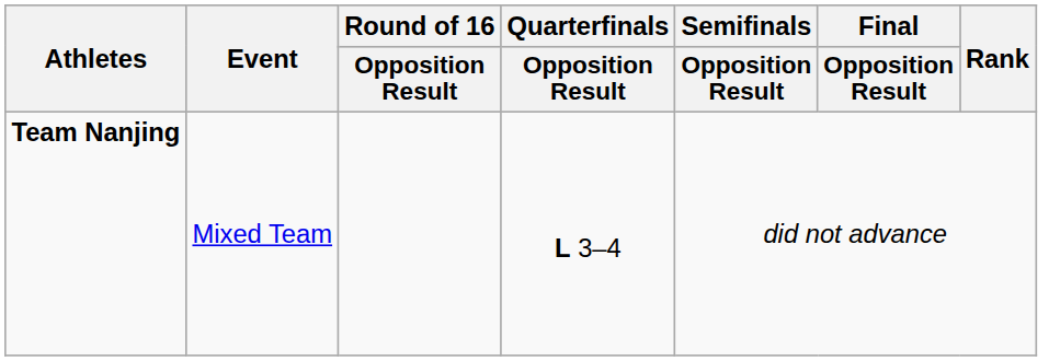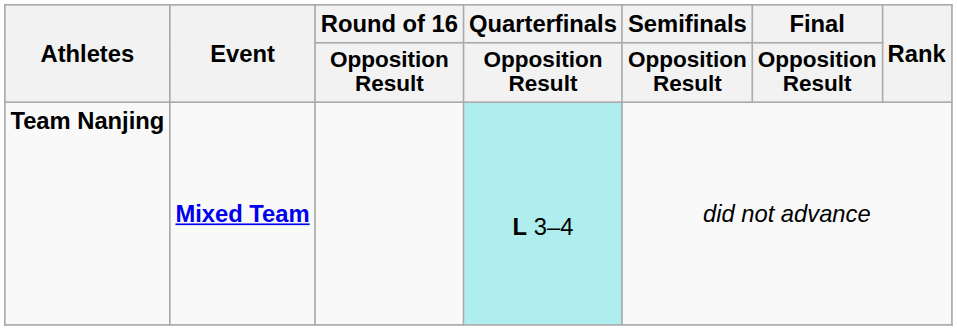 <table class="wikitable" style="font-size:90%">
 <tr>
 <th rowspan="2">Athletes</th>
 <th rowspan="2">Event</th>
 <th>Round of 16</th>
 <th>Quarterfinals</th>
 <th>Semifinals</th>
 <th>Final</th>
 <th rowspan=2>Rank</th>
 </tr>
 <tr style="font-size:95%">
 <th>Opposition<br>Result</th>
 <th>Opposition<br>Result</th>
 <th>Opposition<br>Result</th>
 <th>Opposition<br>Result</th>
 </tr>
 <tr align=center>
 <td align=left><strong>Team Nanjing</strong><br><br> <br><br><br><br><br><br></td>
-<td align=left><a href='#'>Mixed Team</a></td>
+<td align=left><strong><a href='#'>Mixed Team</a></strong></td>
 <td></td>
-<td><br><strong>L</strong> 3–4</td>
+<td style="background: paleturquoise;"><br><strong>L</strong> 3–4</td>
 <td colspan=3><em>did not advance</em></td>
 </tr>
 </table>
